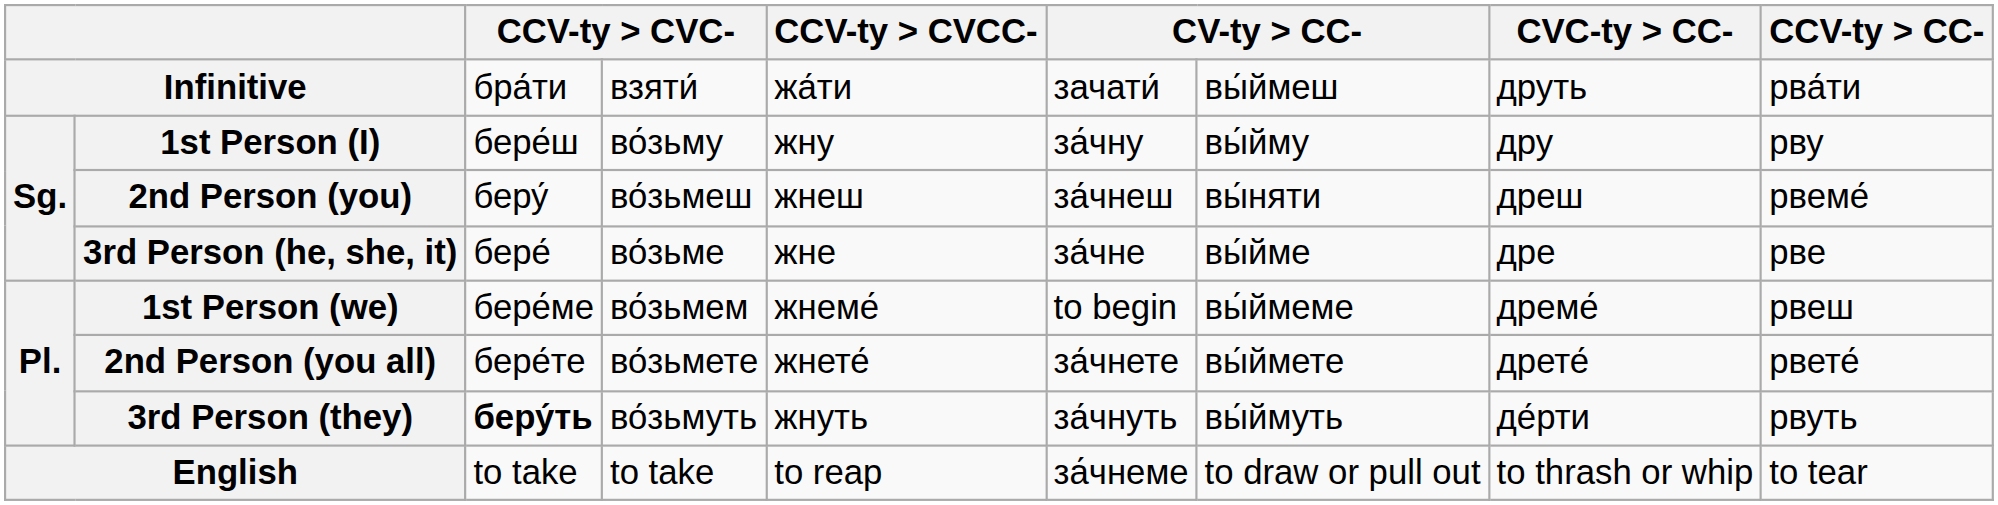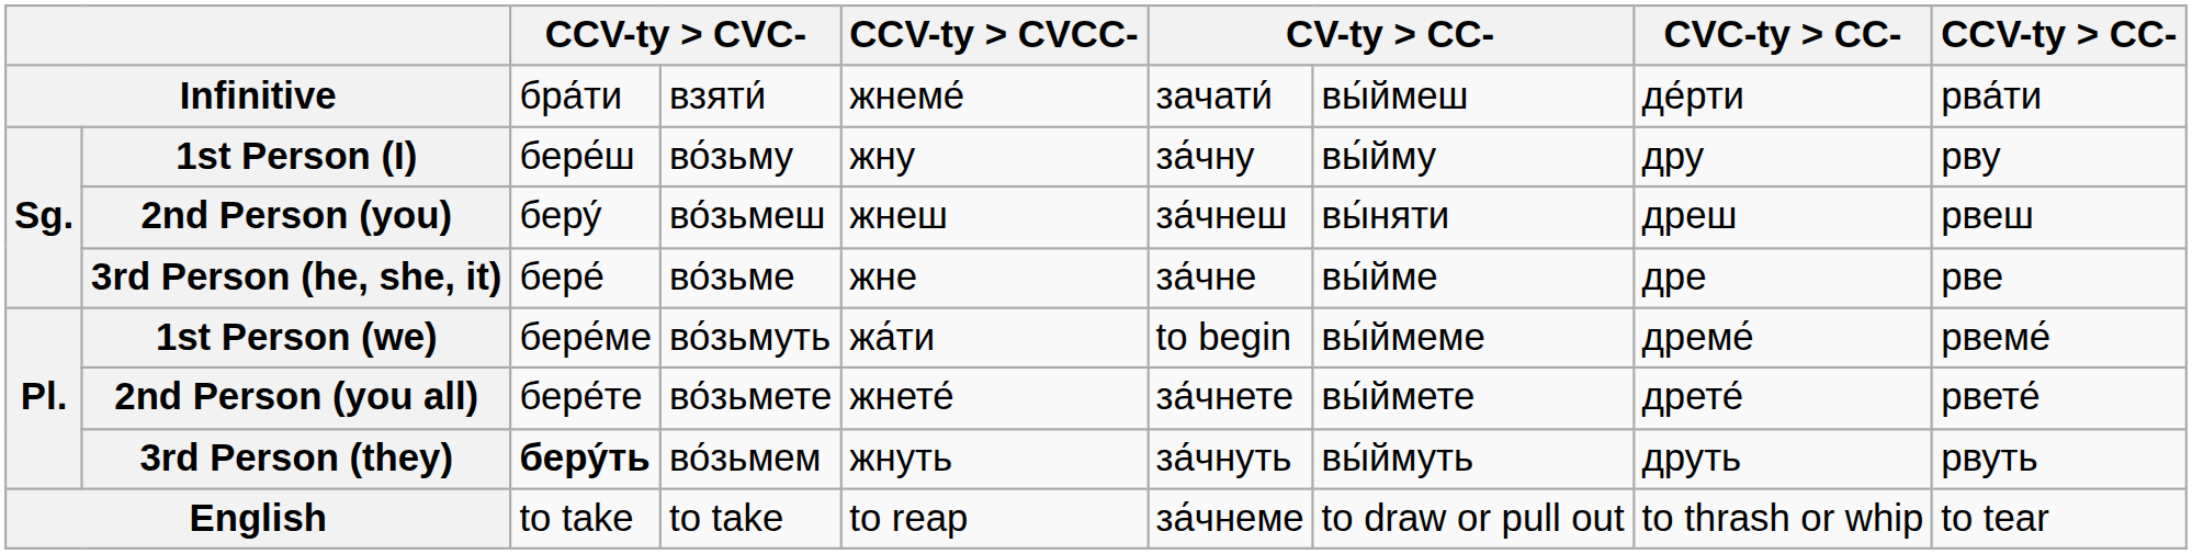 <table class=wikitable>
 <tr>
 <th colspan="2" rowspan="1"></th>
 <th colspan="2">CCV-ty > CVC-</th>
 <th>CCV-ty > CVCC-</th>
 <th colspan="2">CV-ty > CC-</th>
 <th>CVC-ty > CC-</th>
 <th>CCV-ty > CC-</th>
 </tr>
 <tr>
 <th colspan="2">Infinitive</th>
 <td colspan="1">бра́ти</td>
 <td>взяти́</td>
-<td>жа́ти</td>
+<td>жнеме́</td>
 <td>зачати́</td>
 <td>вы́ймеш</td>
-<td>друть</td>
+<td>де́рти</td>
 <td>рва́ти</td>
 </tr>
 <tr>
 <th rowspan="3">Sg.</th>
 <th>1st Person (I)</th>
 <td>бере́ш</td>
 <td>во́зьму</td>
 <td>жну</td>
 <td>за́чну</td>
 <td>вы́йму</td>
 <td>дру</td>
 <td>рву</td>
 </tr>
 <tr>
 <th>2nd Person (you)</th>
 <td>беру́</td>
 <td>во́зьмеш</td>
 <td>жнеш</td>
 <td>за́чнеш</td>
 <td>вы́няти</td>
 <td>дреш</td>
-<td>рвеме́</td>
+<td>рвеш</td>
 </tr>
 <tr>
 <th>3rd Person (he, she, it)</th>
 <td>бере́</td>
 <td>во́зьме</td>
 <td>жне</td>
 <td>за́чне</td>
 <td>вы́йме</td>
 <td>дре</td>
 <td>рве</td>
 </tr>
 <tr>
 <th rowspan="3">Pl.</th>
 <th>1st Person (we)</th>
 <td>бере́ме</td>
-<td>во́зьмем</td>
-<td>жнеме́</td>
+<td>во́зьмуть</td>
+<td>жа́ти</td>
 <td>to begin</td>
 <td>вы́ймеме</td>
 <td>дреме́</td>
-<td>рвеш</td>
+<td>рвеме́</td>
 </tr>
 <tr>
 <th>2nd Person (you all)</th>
 <td>бере́те</td>
 <td>во́зьмете</td>
 <td>жнете́</td>
 <td>за́чнете</td>
 <td>вы́ймете</td>
 <td>дрете́</td>
 <td>рвете́</td>
 </tr>
 <tr>
 <th>3rd Person (they)</th>
 <td><strong>беру́ть</strong></td>
-<td>во́зьмуть</td>
+<td>во́зьмем</td>
 <td>жнуть</td>
 <td>за́чнуть</td>
 <td>вы́ймуть</td>
-<td>де́рти</td>
+<td>друть</td>
 <td>рвуть</td>
 </tr>
 <tr>
 <th colspan="2">English</th>
 <td>to take</td>
 <td>to take</td>
 <td>to reap</td>
 <td>за́чнеме</td>
 <td>to draw or pull out</td>
 <td>to thrash or whip</td>
 <td>to tear</td>
 </tr>
 </table>
